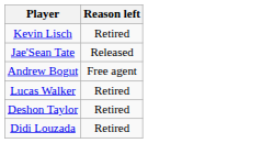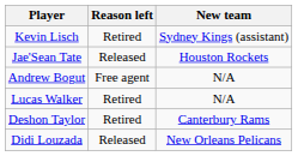 <table class="wikitable sortable sortable" style="text-align: center">
 <tr>
 <th>Player</th>
 <th>Reason left</th>
+<th>New team</th>
 </tr>
 <tr>
 <td><a href='#'>Kevin Lisch</a></td>
 <td>Retired</td>
+<td><a href='#'>Sydney Kings</a> (assistant)</td>
 </tr>
 <tr>
 <td><a href='#'>Jae'Sean Tate</a></td>
 <td>Released</td>
+<td><a href='#'>Houston Rockets</a></td>
 </tr>
 <tr>
 <td><a href='#'>Andrew Bogut</a></td>
 <td>Free agent</td>
+<td>N/A</td>
 </tr>
 <tr>
 <td><a href='#'>Lucas Walker</a></td>
 <td>Retired</td>
+<td>N/A</td>
 </tr>
 <tr>
 <td><a href='#'>Deshon Taylor</a></td>
 <td>Retired</td>
+<td><a href='#'>Canterbury Rams</a></td>
 </tr>
 <tr>
 <td><a href='#'>Didi Louzada</a></td>
-<td>Retired</td>
+<td>Released</td>
+<td><a href='#'>New Orleans Pelicans</a></td>
 </tr>
 </table>
